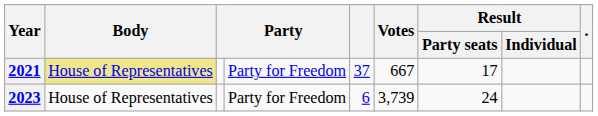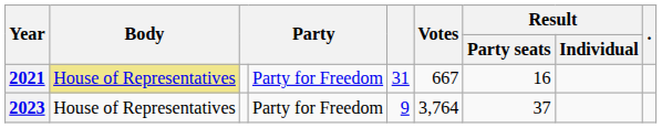 <table class="wikitable plainrowheaders sortable" border=2 cellpadding=4 cellspacing=0 style="border: 1px #aaa solid; font-size: 90%; text-align:center;">
 <tr>
 <th scope="col" rowspan=2>Year</th>
 <th scope="col" rowspan=2>Body</th>
 <th scope="col" colspan=2 rowspan=2>Party</th>
 <th scope="col" rowspan=2></th>
 <th scope="col" rowspan=2>Votes</th>
 <th scope="colgroup" colspan=2>Result</th>
 <th scope="col" rowspan=2 class="unsortable">.</th>
 </tr>
 <tr>
 <th scope="col">Party seats</th>
 <th scope="col">Individual</th>
 </tr>
 <tr>
 <th scope="row"><a href='#'>2021</a></th>
 <td style="background: khaki;"><a href='#'>House of Representatives</a></td>
 <td style="background-color:"></td>
 <td><a href='#'>Party for Freedom</a></td>
-<td style=text-align:right><a href='#'>37</a></td>
+<td style=text-align:right><a href='#'>31</a></td>
 <td style=text-align:right>667</td>
-<td style=text-align:right>17</td>
+<td style=text-align:right>16</td>
 <td></td>
 <td></td>
 </tr>
 <tr>
 <th scope="row"><a href='#'>2023</a></th>
 <td>House of Representatives</td>
 <td style="background-color:"></td>
 <td>Party for Freedom</td>
-<td style=text-align:right><a href='#'>6</a></td>
-<td style=text-align:right>3,739</td>
-<td style=text-align:right>24</td>
+<td style=text-align:right><a href='#'>9</a></td>
+<td style=text-align:right>3,764</td>
+<td style=text-align:right>37</td>
 <td></td>
 <td></td>
 </tr>
 </table>
